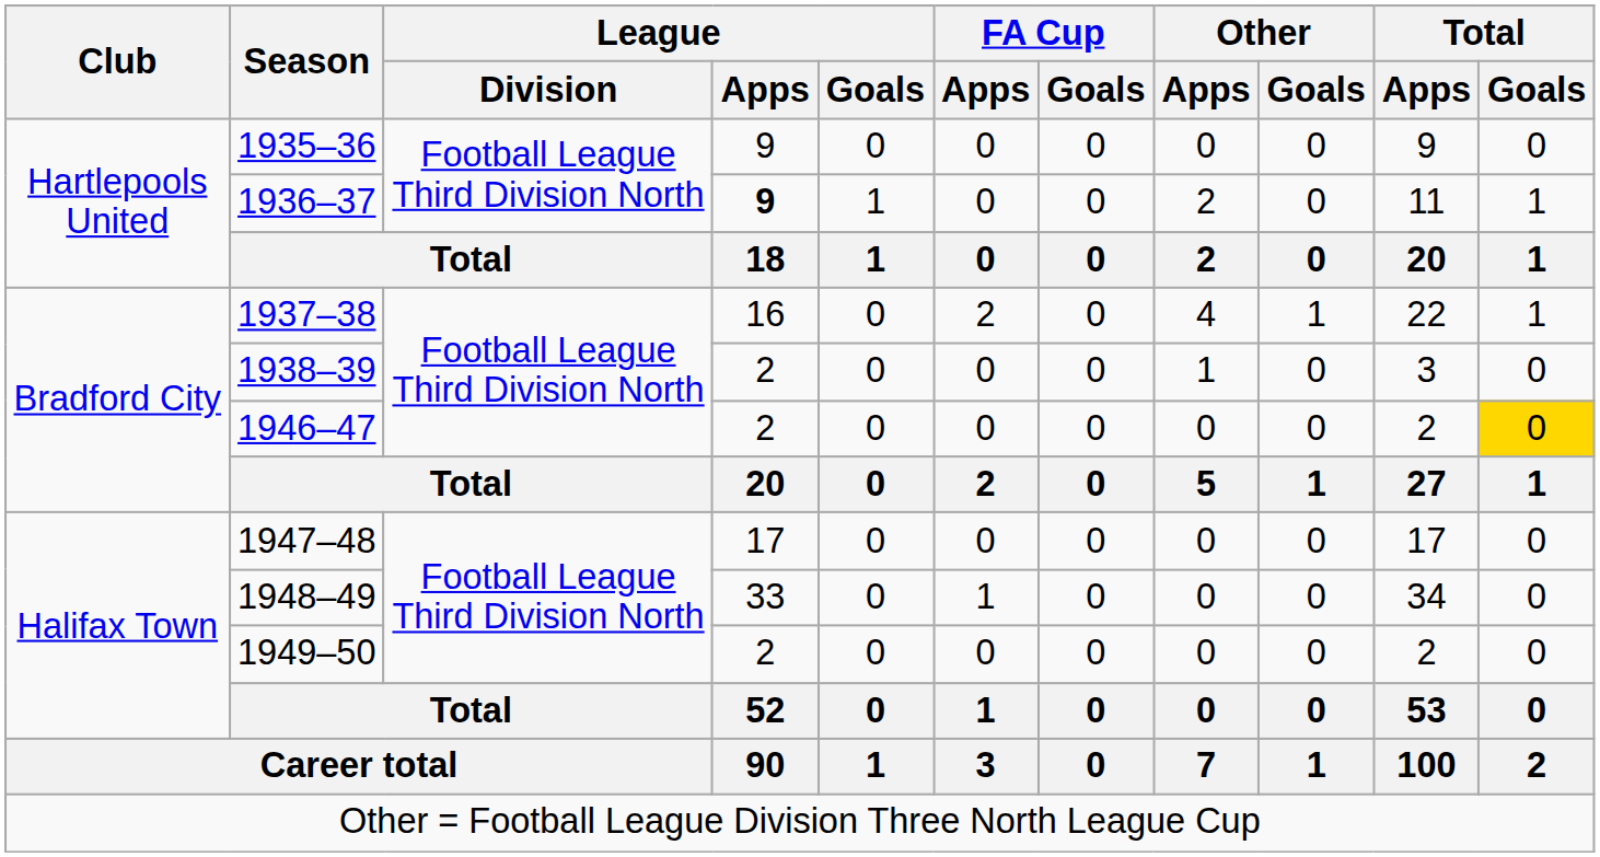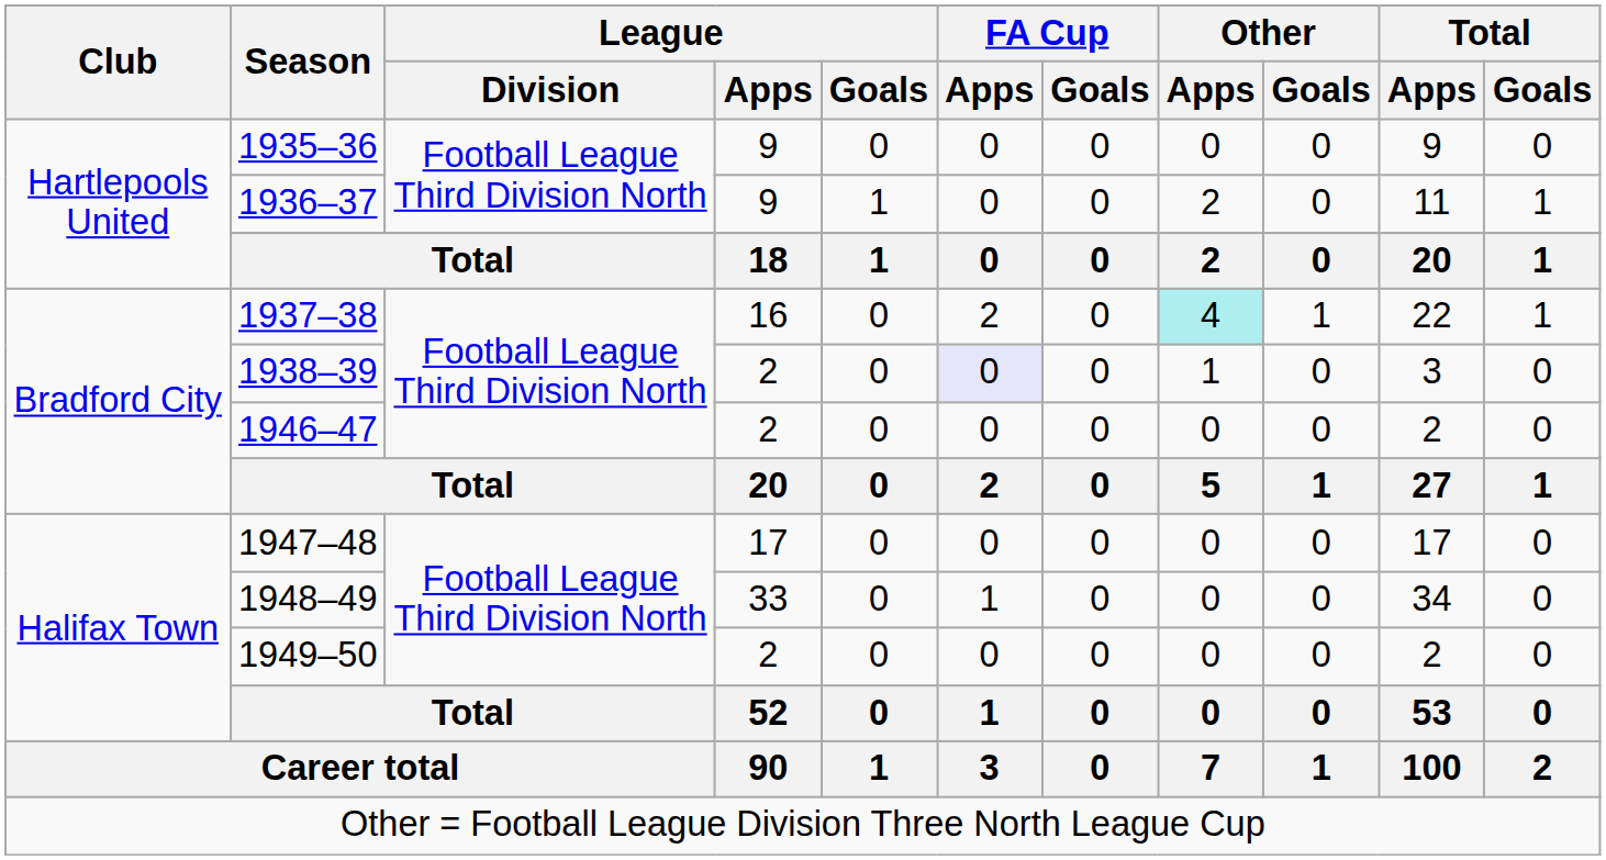 <table class="wikitable" style="text-align: center;">
 <tr>
 <th rowspan="2">Club</th>
 <th rowspan="2">Season</th>
 <th colspan="3">League</th>
 <th colspan="2"><a href='#'>FA Cup</a></th>
 <th colspan="2">Other</th>
 <th colspan="2">Total</th>
 </tr>
 <tr>
 <th>Division</th>
 <th>Apps</th>
 <th>Goals</th>
 <th>Apps</th>
 <th>Goals</th>
 <th>Apps</th>
 <th>Goals</th>
 <th>Apps</th>
 <th>Goals</th>
 </tr>
 <tr>
 <td rowspan="3"><a href='#'>Hartlepools<br>United</a></td>
 <td><a href='#'>1935–36</a></td>
 <td rowspan="2"><a href='#'>Football League<br>Third Division North</a></td>
 <td>9</td>
 <td>0</td>
 <td>0</td>
 <td>0</td>
 <td>0</td>
 <td>0</td>
 <td>9</td>
 <td>0</td>
 </tr>
 <tr>
 <td><a href='#'>1936–37</a></td>
-<td><strong>9</strong></td>
+<td>9</td>
 <td>1</td>
 <td>0</td>
 <td>0</td>
 <td>2</td>
 <td>0</td>
 <td>11</td>
 <td>1</td>
 </tr>
 <tr>
 <th colspan="2">Total</th>
 <th>18</th>
 <th>1</th>
 <th>0</th>
 <th>0</th>
 <th>2</th>
 <th>0</th>
 <th>20</th>
 <th>1</th>
 </tr>
 <tr>
 <td rowspan="4"><a href='#'>Bradford City</a></td>
 <td><a href='#'>1937–38</a></td>
 <td rowspan="3"><a href='#'>Football League<br>Third Division North</a></td>
 <td>16</td>
 <td>0</td>
 <td>2</td>
 <td>0</td>
-<td>4</td>
+<td style="background: paleturquoise;">4</td>
 <td>1</td>
 <td>22</td>
 <td>1</td>
 </tr>
 <tr>
 <td><a href='#'>1938–39</a></td>
 <td>2</td>
 <td>0</td>
-<td>0</td>
+<td style="background: lavender;">0</td>
 <td>0</td>
 <td>1</td>
 <td>0</td>
 <td>3</td>
 <td>0</td>
 </tr>
 <tr>
 <td><a href='#'>1946–47</a></td>
 <td>2</td>
 <td>0</td>
 <td>0</td>
 <td>0</td>
 <td>0</td>
 <td>0</td>
 <td>2</td>
-<td style="background: gold;">0</td>
+<td>0</td>
 </tr>
 <tr>
 <th colspan="2">Total</th>
 <th>20</th>
 <th>0</th>
 <th>2</th>
 <th>0</th>
 <th>5</th>
 <th>1</th>
 <th>27</th>
 <th>1</th>
 </tr>
 <tr>
 <td rowspan="4"><a href='#'>Halifax Town</a></td>
 <td>1947–48</td>
 <td rowspan="3"><a href='#'>Football League<br>Third Division North</a></td>
 <td>17</td>
 <td>0</td>
 <td>0</td>
 <td>0</td>
 <td>0</td>
 <td>0</td>
 <td>17</td>
 <td>0</td>
 </tr>
 <tr>
 <td>1948–49</td>
 <td>33</td>
 <td>0</td>
 <td>1</td>
 <td>0</td>
 <td>0</td>
 <td>0</td>
 <td>34</td>
 <td>0</td>
 </tr>
 <tr>
 <td>1949–50</td>
 <td>2</td>
 <td>0</td>
 <td>0</td>
 <td>0</td>
 <td>0</td>
 <td>0</td>
 <td>2</td>
 <td>0</td>
 </tr>
 <tr>
 <th colspan="2">Total</th>
 <th>52</th>
 <th>0</th>
 <th>1</th>
 <th>0</th>
 <th>0</th>
 <th>0</th>
 <th>53</th>
 <th>0</th>
 </tr>
 <tr>
 <th colspan="3">Career total</th>
 <th>90</th>
 <th>1</th>
 <th>3</th>
 <th>0</th>
 <th>7</th>
 <th>1</th>
 <th>100</th>
 <th>2</th>
 </tr>
 <tr>
 <td colspan="11">Other = Football League Division Three North League Cup</td>
 </tr>
 </table>
